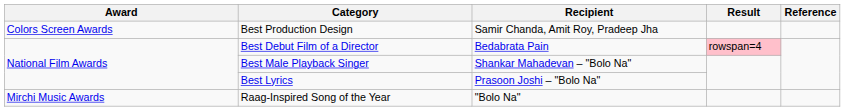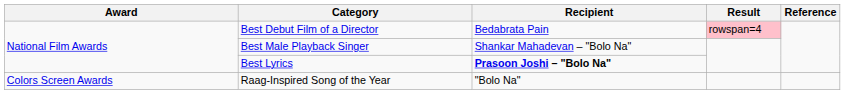 <table class="wikitable"  >
 <tr>
 <th style="width:25%;" scope="col">Award</th>
 <th style="width:25%;" scope="col">Category</th>
 <th style="width:25%;" scope="col">Recipient</th>
 <th style="width:8%;" scope="col">Result</th>
 <th style="width:2%;" scope="col">Reference</th>
-</tr>
-<tr>
-<td><a href='#'>Colors Screen Awards</a></td>
-<td>Best Production Design</td>
-<td>Samir Chanda, Amit Roy, Pradeep Jha</td>
-<td></td>
-<td></td>
 </tr>
 <tr>
 <td rowspan=3><a href='#'>National Film Awards</a></td>
 <td><a href='#'>Best Debut Film of a Director</a></td>
 <td><a href='#'>Bedabrata Pain</a></td>
 <td style="background: pink;">rowspan=4 </td>
 <td rowspan=3></td>
 </tr>
 <tr>
 <td><a href='#'>Best Male Playback Singer</a></td>
 <td><a href='#'>Shankar Mahadevan</a> – "Bolo Na"</td>
 </tr>
 <tr>
 <td><a href='#'>Best Lyrics</a></td>
-<td><a href='#'>Prasoon Joshi</a> – "Bolo Na"</td>
+<td><strong><a href='#'>Prasoon Joshi</a> – "Bolo Na"</strong></td>
 </tr>
 <tr>
-<td><a href='#'>Mirchi Music Awards</a></td>
+<td><a href='#'>Colors Screen Awards</a></td>
 <td>Raag-Inspired Song of the Year</td>
 <td>"Bolo Na"</td>
 <td></td>
 </tr>
 </table>
